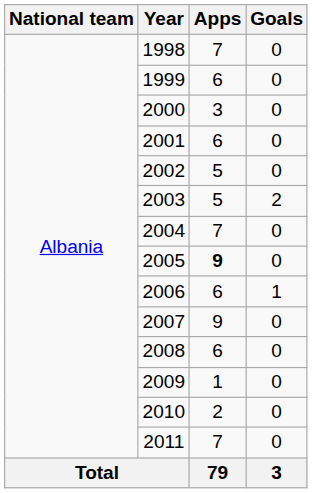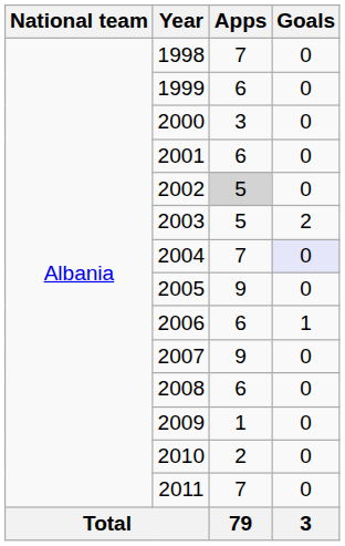 <table class="wikitable" style="text-align:center">
 <tr>
 <th>National team</th>
 <th>Year</th>
 <th>Apps</th>
 <th>Goals</th>
 </tr>
 <tr>
 <td rowspan="14"><a href='#'>Albania</a></td>
 <td>1998</td>
 <td>7</td>
 <td>0</td>
 </tr>
 <tr>
 <td>1999</td>
 <td>6</td>
 <td>0</td>
 </tr>
 <tr>
 <td>2000</td>
 <td>3</td>
 <td>0</td>
 </tr>
 <tr>
 <td>2001</td>
 <td>6</td>
 <td>0</td>
 </tr>
 <tr>
 <td>2002</td>
-<td>5</td>
+<td style="background: lightgrey;">5</td>
 <td>0</td>
 </tr>
 <tr>
 <td>2003</td>
 <td>5</td>
 <td>2</td>
 </tr>
 <tr>
 <td>2004</td>
 <td>7</td>
-<td>0</td>
+<td style="background: lavender;">0</td>
 </tr>
 <tr>
 <td>2005</td>
-<td><strong>9</strong></td>
+<td>9</td>
 <td>0</td>
 </tr>
 <tr>
 <td>2006</td>
 <td>6</td>
 <td>1</td>
 </tr>
 <tr>
 <td>2007</td>
 <td>9</td>
 <td>0</td>
 </tr>
 <tr>
 <td>2008</td>
 <td>6</td>
 <td>0</td>
 </tr>
 <tr>
 <td>2009</td>
 <td>1</td>
 <td>0</td>
 </tr>
 <tr>
 <td>2010</td>
 <td>2</td>
 <td>0</td>
 </tr>
 <tr>
 <td>2011</td>
 <td>7</td>
 <td>0</td>
 </tr>
 <tr>
 <th colspan="2">Total</th>
 <th>79</th>
 <th>3</th>
 </tr>
 </table>
